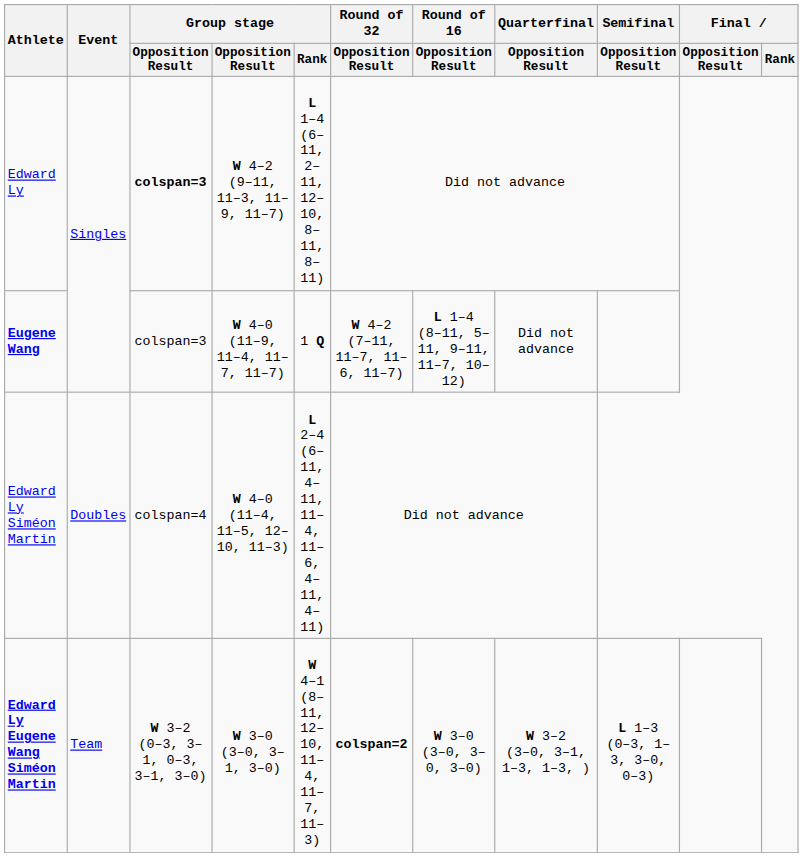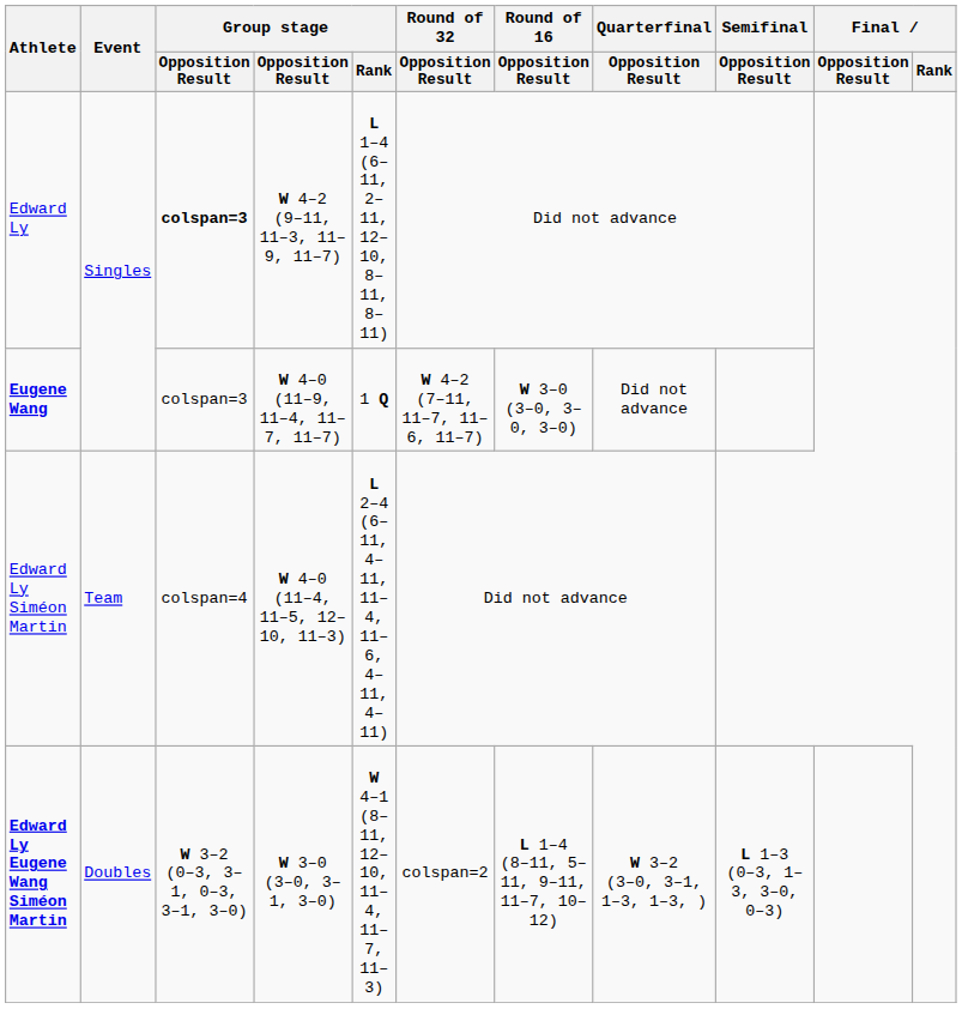 <table class=wikitable style=font-size:90%;text-align:center>
 <tr>
 <th rowspan=2>Athlete</th>
 <th rowspan=2>Event</th>
 <th colspan=3>Group stage</th>
 <th>Round of 32</th>
 <th>Round of 16</th>
 <th>Quarterfinal</th>
 <th>Semifinal</th>
 <th colspan=2>Final / </th>
 </tr>
 <tr style=font-size:95%>
 <th>Opposition<br>Result</th>
 <th>Opposition<br>Result</th>
 <th>Rank</th>
 <th>Opposition<br>Result</th>
 <th>Opposition<br>Result</th>
 <th>Opposition<br>Result</th>
 <th>Opposition<br>Result</th>
 <th>Opposition<br>Result</th>
 <th>Rank</th>
 </tr>
 <tr>
 <td align=left><a href='#'>Edward Ly</a></td>
 <td align=left rowspan=2><a href='#'>Singles</a></td>
 <td><strong>colspan=3 </strong></td>
 <td><br><strong>W</strong> 4–2<br>(9–11, 11–3,  11–9, 11–7)</td>
 <td><br><strong>L</strong> 1–4<br>(6–11, 2–11, 12–10, 8–11, 8–11)</td>
 <td colspan=4>Did not advance</td>
 </tr>
 <tr>
 <td align=left><strong><a href='#'>Eugene Wang</a></strong></td>
 <td>colspan=3 </td>
 <td><br><strong>W</strong> 4–0<br>(11–9, 11–4, 11–7, 11–7)</td>
 <td>1 <strong>Q</strong></td>
 <td><br><strong>W</strong> 4–2<br>(7–11, 11–7,  11–6, 11–7)</td>
-<td><br><strong>L</strong> 1–4<br>(8–11, 5–11, 9–11, 11–7, 10–12)</td>
+<td><br><strong>W</strong> 3–0<br>(3–0, 3–0, 3–0)</td>
 <td>Did not advance</td>
 <td></td>
 </tr>
 <tr>
 <td align=left><a href='#'>Edward Ly</a><br><a href='#'>Siméon Martin</a></td>
-<td align=left><a href='#'>Doubles</a></td>
+<td align=left><a href='#'>Team</a></td>
 <td>colspan=4 </td>
 <td><br><strong>W</strong> 4–0<br>(11–4, 11–5, 12–10, 11–3)</td>
 <td><br><strong>L</strong> 2–4<br>(6–11, 4–11, 11–4, 11–6, 4–11, 4–11)</td>
 <td colspan=3>Did not advance</td>
 </tr>
 <tr>
 <td align=left><strong><a href='#'>Edward Ly</a><br><a href='#'>Eugene Wang</a><br><a href='#'>Siméon Martin</a></strong></td>
-<td align=left><a href='#'>Team</a></td>
+<td align=left><a href='#'>Doubles</a></td>
 <td><br><strong>W</strong> 3–2<br>(0–3, 3–1, 0–3, 3–1, 3–0)</td>
 <td><br><strong>W</strong> 3–0<br>(3–0, 3–1, 3–0)</td>
 <td><br><strong>W</strong> 4–1<br>(8–11, 12–10, 11–4, 11–7, 11–3)</td>
-<td><strong>colspan=2 </strong></td>
-<td><br><strong>W</strong> 3–0<br>(3–0, 3–0, 3–0)</td>
+<td>colspan=2 </td>
+<td><br><strong>L</strong> 1–4<br>(8–11, 5–11, 9–11, 11–7, 10–12)</td>
 <td><br><strong>W</strong> 3–2<br>(3–0, 3–1, 1–3, 1–3, )</td>
 <td><br><strong>L</strong> 1–3<br>(0–3, 1–3, 3–0, 0–3)</td>
 <td></td>
 </tr>
 </table>
